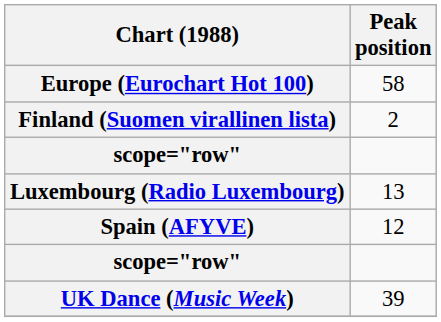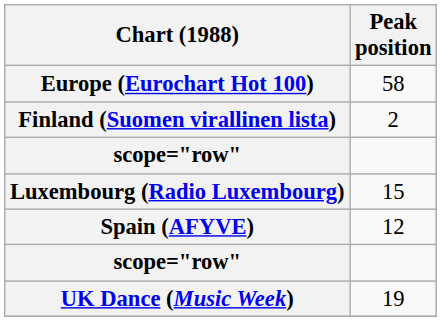 <table class="wikitable sortable plainrowheaders">
 <tr>
 <th>Chart (1988)</th>
 <th>Peak<br>position</th>
 </tr>
 <tr>
 <th scope="row">Europe (<a href='#'>Eurochart Hot 100</a>)</th>
 <td align="center">58</td>
 </tr>
 <tr>
 <th scope="row">Finland (<a href='#'>Suomen virallinen lista</a>)</th>
 <td align="center">2</td>
 </tr>
 <tr>
 <th>scope="row"</th>
 </tr>
 <tr>
 <th scope="row">Luxembourg (<a href='#'>Radio Luxembourg</a>)</th>
-<td align="center">13</td>
+<td align="center">15</td>
 </tr>
 <tr>
 <th scope="row">Spain (<a href='#'>AFYVE</a>)</th>
 <td align="center">12</td>
 </tr>
 <tr>
 <th>scope="row"</th>
 </tr>
 <tr>
 <th scope="row"><a href='#'>UK Dance</a> (<em><a href='#'>Music Week</a></em>)</th>
-<td align="center">39</td>
+<td align="center">19</td>
 </tr>
 <tr>
 </tr>
 </table>
